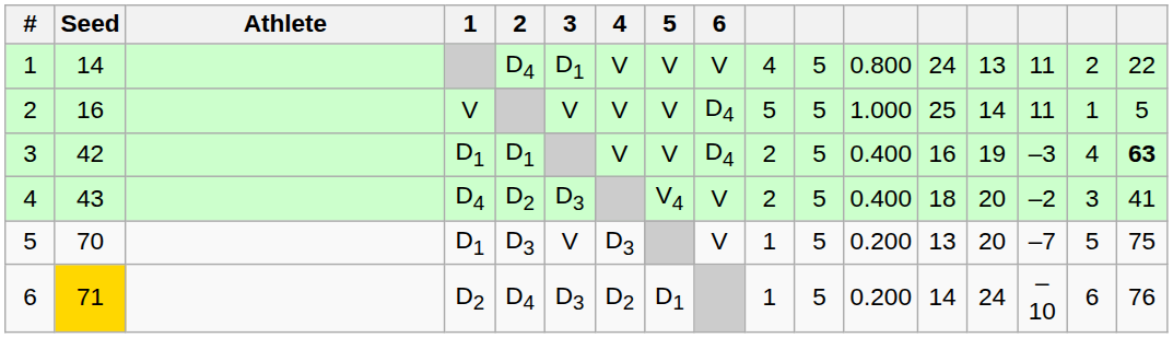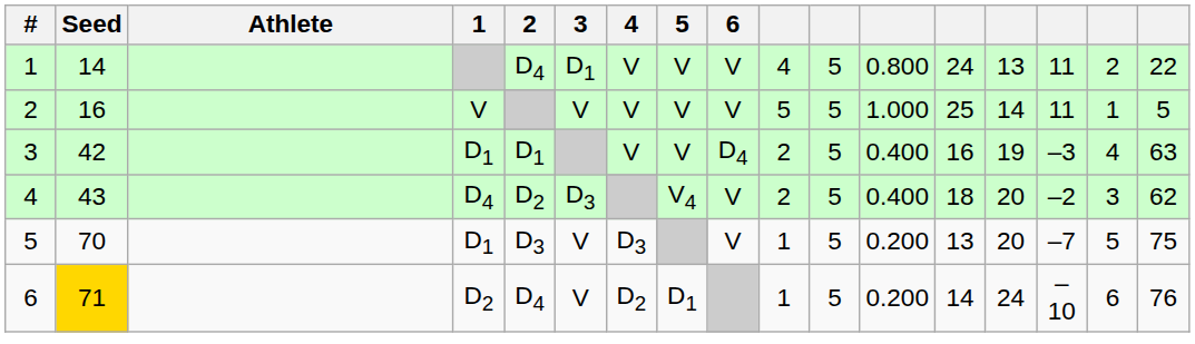 <table class="wikitable" style="text-align:center">
 <tr>
 <th width="25">#</th>
 <th width="25">Seed</th>
 <th width="200">Athlete</th>
 <th width="25">1</th>
 <th width="25">2</th>
 <th width="25">3</th>
 <th width="25">4</th>
 <th width="25">5</th>
 <th width="25">6</th>
 <th width="25"></th>
 <th width="25"></th>
 <th width="40"></th>
 <th width="25"></th>
 <th width="25"></th>
 <th width="25"></th>
 <th width="25"></th>
 <th width="25"></th>
 </tr>
 <tr bgcolor="ccffcc">
 <td>1</td>
 <td>14</td>
 <td align=left></td>
 <td bgcolor="#cccccc"></td>
 <td>D<sub>4</sub></td>
 <td>D<sub>1</sub></td>
 <td>V</td>
 <td>V</td>
 <td>V</td>
 <td>4</td>
 <td>5</td>
 <td>0.800</td>
 <td>24</td>
 <td>13</td>
 <td>11</td>
 <td>2</td>
 <td>22</td>
 </tr>
 <tr bgcolor="ccffcc">
 <td>2</td>
 <td>16</td>
 <td align=left></td>
 <td>V</td>
 <td bgcolor="#cccccc"></td>
 <td>V</td>
 <td>V</td>
 <td>V</td>
-<td>D<sub>4</sub></td>
+<td>V</td>
 <td>5</td>
 <td>5</td>
 <td>1.000</td>
 <td>25</td>
 <td>14</td>
 <td>11</td>
 <td>1</td>
 <td>5</td>
 </tr>
 <tr bgcolor="ccffcc">
 <td>3</td>
 <td>42</td>
 <td align=left></td>
 <td>D<sub>1</sub></td>
 <td>D<sub>1</sub></td>
 <td bgcolor="#cccccc"></td>
 <td>V</td>
 <td>V</td>
 <td>D<sub>4</sub></td>
 <td>2</td>
 <td>5</td>
 <td>0.400</td>
 <td>16</td>
 <td>19</td>
 <td>–3</td>
 <td>4</td>
-<td><strong>63</strong></td>
+<td>63</td>
 </tr>
 <tr bgcolor="ccffcc">
 <td>4</td>
 <td>43</td>
 <td align=left></td>
 <td>D<sub>4</sub></td>
 <td>D<sub>2</sub></td>
 <td>D<sub>3</sub></td>
 <td bgcolor="#cccccc"></td>
 <td>V<sub>4</sub></td>
 <td>V</td>
 <td>2</td>
 <td>5</td>
 <td>0.400</td>
 <td>18</td>
 <td>20</td>
 <td>–2</td>
 <td>3</td>
-<td>41</td>
+<td>62</td>
 </tr>
 <tr>
 <td>5</td>
 <td>70</td>
 <td align=left></td>
 <td>D<sub>1</sub></td>
 <td>D<sub>3</sub></td>
 <td>V</td>
 <td>D<sub>3</sub></td>
 <td bgcolor="#cccccc"></td>
 <td>V</td>
 <td>1</td>
 <td>5</td>
 <td>0.200</td>
 <td>13</td>
 <td>20</td>
 <td>–7</td>
 <td>5</td>
 <td>75</td>
 </tr>
 <tr>
 <td>6</td>
 <td style="background: gold;">71</td>
 <td align=left></td>
 <td>D<sub>2</sub></td>
 <td>D<sub>4</sub></td>
-<td>D<sub>3</sub></td>
+<td>V</td>
 <td>D<sub>2</sub></td>
 <td>D<sub>1</sub></td>
 <td bgcolor="#cccccc"></td>
 <td>1</td>
 <td>5</td>
 <td>0.200</td>
 <td>14</td>
 <td>24</td>
 <td>–10</td>
 <td>6</td>
 <td>76</td>
 </tr>
 </table>
